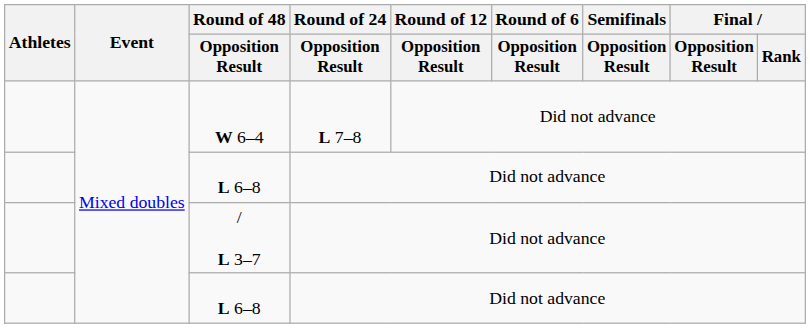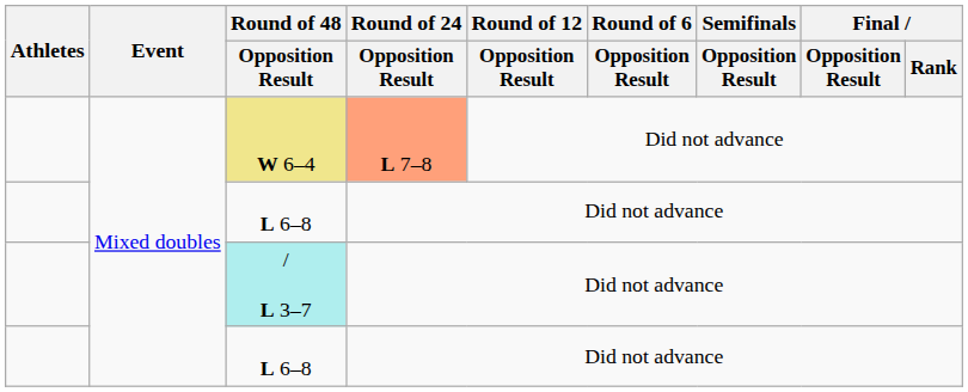 <table class="wikitable" style="font-size:90%; text-align:center;">
 <tr>
 <th rowspan=2>Athletes</th>
 <th rowspan=2>Event</th>
 <th>Round of 48</th>
 <th>Round of 24</th>
 <th>Round of 12</th>
 <th>Round of 6</th>
 <th>Semifinals</th>
 <th colspan=2>Final / </th>
 </tr>
 <tr style="font-size:95%">
 <th>Opposition<br>Result</th>
 <th>Opposition<br>Result</th>
 <th>Opposition<br>Result</th>
 <th>Opposition<br>Result</th>
 <th>Opposition<br>Result</th>
 <th>Opposition<br>Result</th>
 <th>Rank</th>
 </tr>
 <tr>
 <td align=left><br></td>
 <td align=left rowspan=4><a href='#'>Mixed doubles</a></td>
-<td><br><br><strong>W</strong> 6–4</td>
-<td><br><br><strong>L</strong> 7–8</td>
+<td style="background: khaki;"><br><br><strong>W</strong> 6–4</td>
+<td style="background: lightsalmon;"><br><br><strong>L</strong> 7–8</td>
 <td colspan=5>Did not advance</td>
 </tr>
 <tr>
 <td align=left><br></td>
 <td><br><strong>L</strong> 6–8</td>
 <td colspan=6>Did not advance</td>
 </tr>
 <tr>
 <td align=left><br></td>
-<td> /<br><br><strong>L</strong> 3–7</td>
+<td style="background: paleturquoise;"> /<br><br><strong>L</strong> 3–7</td>
 <td colspan=6>Did not advance</td>
 </tr>
 <tr>
 <td align=left><br></td>
 <td><br><strong>L</strong> 6–8</td>
 <td colspan=6>Did not advance</td>
 </tr>
 </table>
